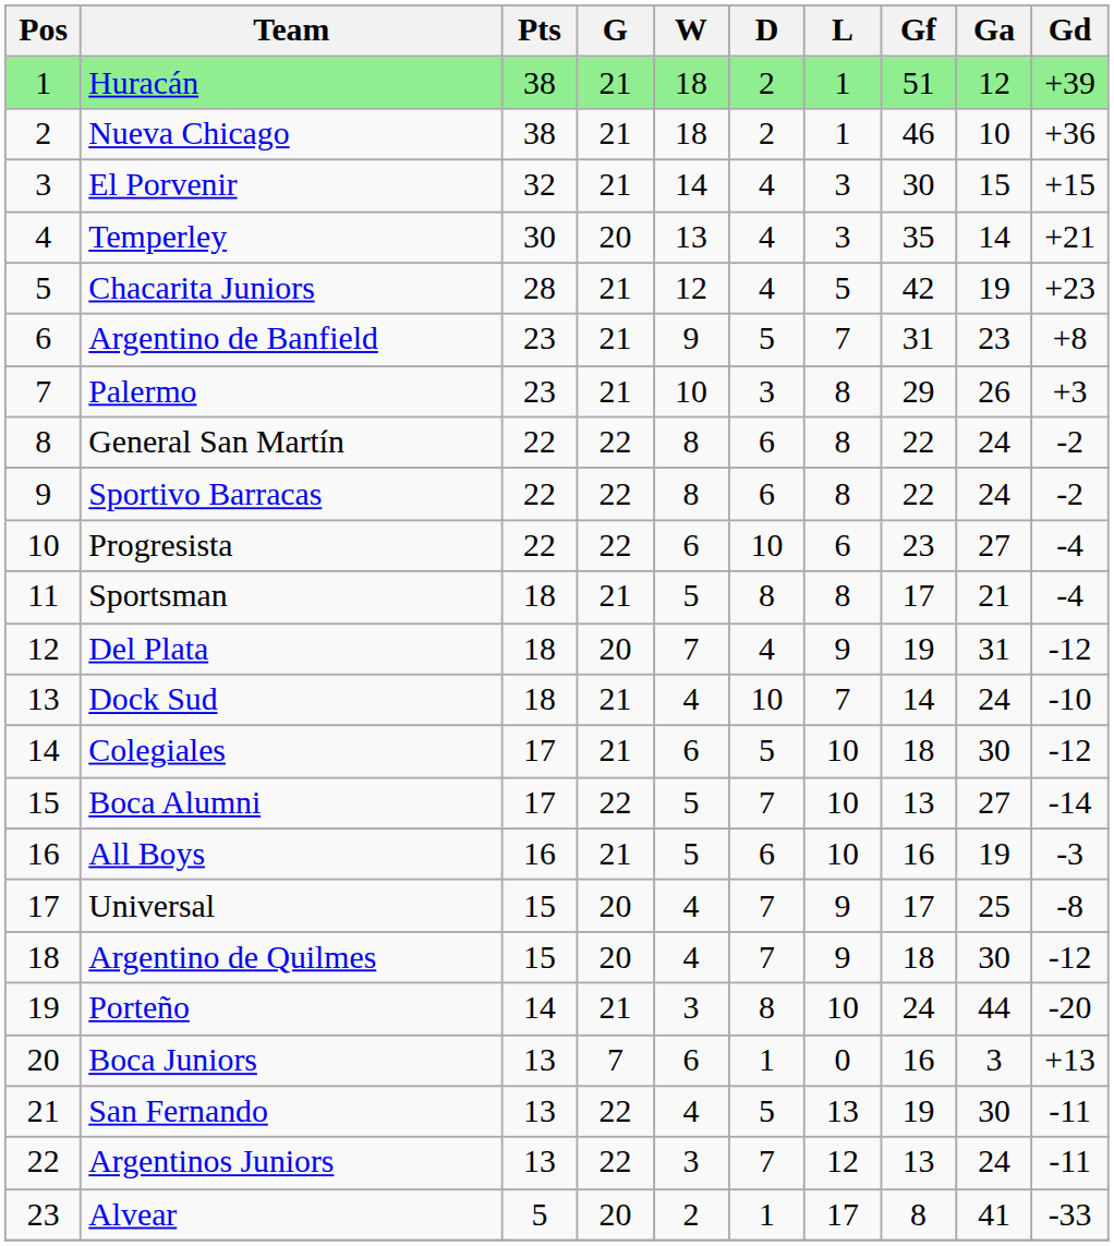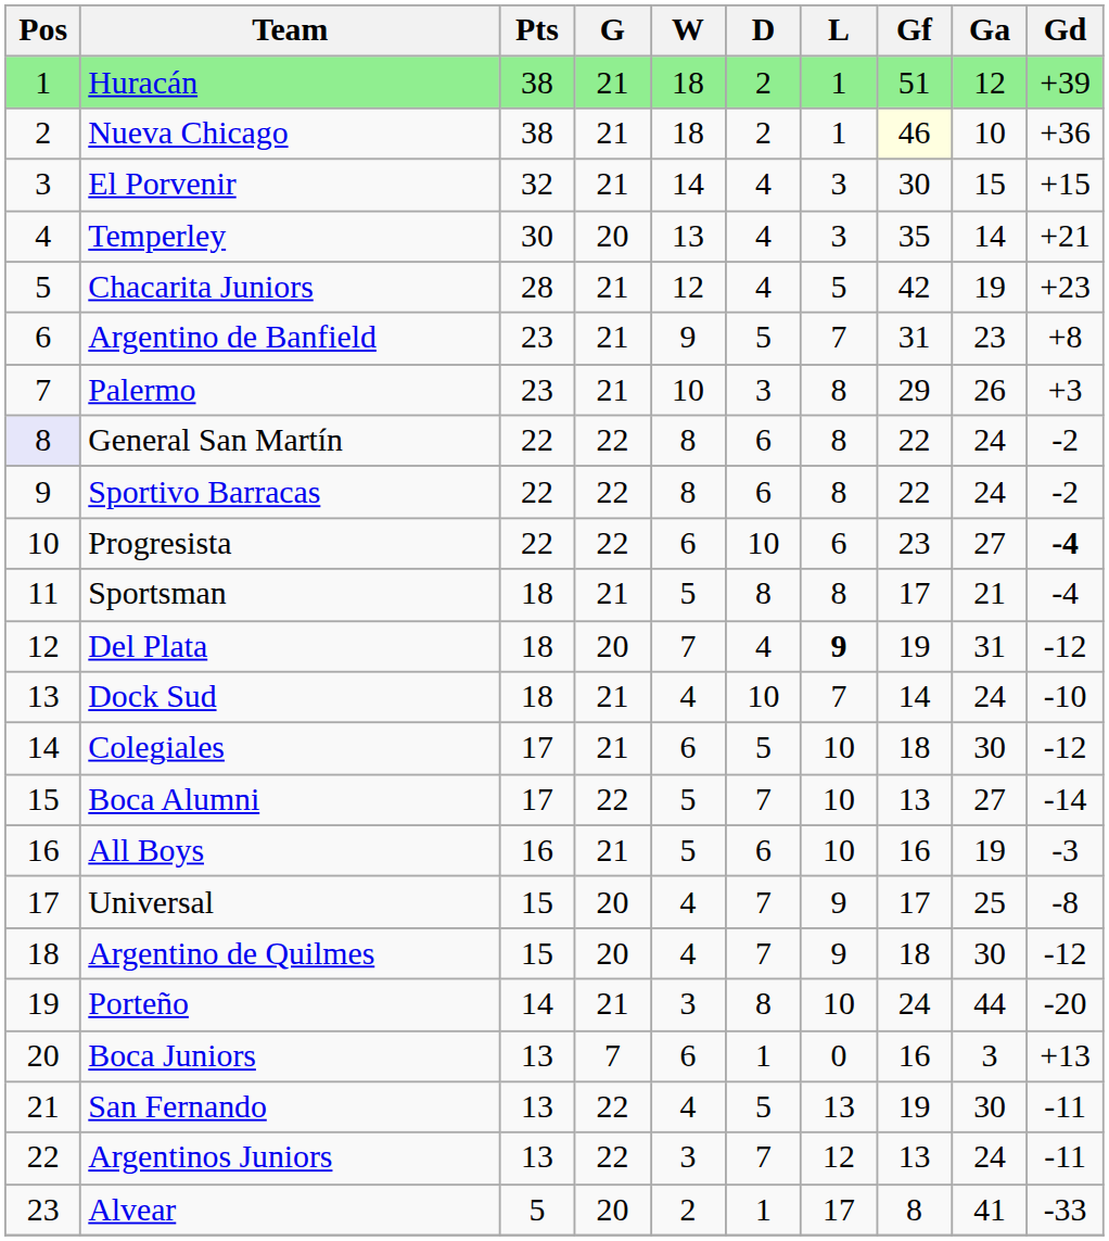 <table class="wikitable" style="text-align:center">
 <tr>
 <th width=30px>Pos</th>
 <th width=200px>Team</th>
 <th width=30px>Pts</th>
 <th width=30px>G</th>
 <th width=30px>W</th>
 <th width=30px>D</th>
 <th width=30px>L</th>
 <th width=30px>Gf</th>
 <th width=30px>Ga</th>
 <th width=30px>Gd</th>
 </tr>
 <tr bgcolor="lightgreen">
 <td>1</td>
 <td align="left"><a href='#'>Huracán</a></td>
 <td>38</td>
 <td>21</td>
 <td>18</td>
 <td>2</td>
 <td>1</td>
 <td>51</td>
 <td>12</td>
 <td>+39</td>
 </tr>
 <tr>
 <td>2</td>
 <td align="left"><a href='#'>Nueva Chicago</a></td>
 <td>38</td>
 <td>21</td>
 <td>18</td>
 <td>2</td>
 <td>1</td>
-<td>46</td>
+<td style="background: lightyellow;">46</td>
 <td>10</td>
 <td>+36</td>
 </tr>
 <tr>
 <td>3</td>
 <td align="left"><a href='#'>El Porvenir</a></td>
 <td>32</td>
 <td>21</td>
 <td>14</td>
 <td>4</td>
 <td>3</td>
 <td>30</td>
 <td>15</td>
 <td>+15</td>
 </tr>
 <tr>
 <td>4</td>
 <td align="left"><a href='#'>Temperley</a></td>
 <td>30</td>
 <td>20</td>
 <td>13</td>
 <td>4</td>
 <td>3</td>
 <td>35</td>
 <td>14</td>
 <td>+21</td>
 </tr>
 <tr>
 <td>5</td>
 <td align="left"><a href='#'>Chacarita Juniors</a></td>
 <td>28</td>
 <td>21</td>
 <td>12</td>
 <td>4</td>
 <td>5</td>
 <td>42</td>
 <td>19</td>
 <td>+23</td>
 </tr>
 <tr>
 <td>6</td>
 <td align="left"><a href='#'>Argentino de Banfield</a></td>
 <td>23</td>
 <td>21</td>
 <td>9</td>
 <td>5</td>
 <td>7</td>
 <td>31</td>
 <td>23</td>
 <td>+8</td>
 </tr>
 <tr>
 <td>7</td>
 <td align="left"><a href='#'>Palermo</a></td>
 <td>23</td>
 <td>21</td>
 <td>10</td>
 <td>3</td>
 <td>8</td>
 <td>29</td>
 <td>26</td>
 <td>+3</td>
 </tr>
 <tr>
-<td>8</td>
+<td style="background: lavender;">8</td>
 <td align="left">General San Martín</td>
 <td>22</td>
 <td>22</td>
 <td>8</td>
 <td>6</td>
 <td>8</td>
 <td>22</td>
 <td>24</td>
 <td>-2</td>
 </tr>
 <tr>
 <td>9</td>
 <td align="left"><a href='#'>Sportivo Barracas</a></td>
 <td>22</td>
 <td>22</td>
 <td>8</td>
 <td>6</td>
 <td>8</td>
 <td>22</td>
 <td>24</td>
 <td>-2</td>
 </tr>
 <tr>
 <td>10</td>
 <td align="left">Progresista</td>
 <td>22</td>
 <td>22</td>
 <td>6</td>
 <td>10</td>
 <td>6</td>
 <td>23</td>
 <td>27</td>
-<td>-4</td>
+<td><strong>-4</strong></td>
 </tr>
 <tr>
 <td>11</td>
 <td align="left">Sportsman</td>
 <td>18</td>
 <td>21</td>
 <td>5</td>
 <td>8</td>
 <td>8</td>
 <td>17</td>
 <td>21</td>
 <td>-4</td>
 </tr>
 <tr>
 <td>12</td>
 <td align="left"><a href='#'>Del Plata</a></td>
 <td>18</td>
 <td>20</td>
 <td>7</td>
 <td>4</td>
-<td>9</td>
+<td><strong>9</strong></td>
 <td>19</td>
 <td>31</td>
 <td>-12</td>
 </tr>
 <tr>
 <td>13</td>
 <td align="left"><a href='#'>Dock Sud</a></td>
 <td>18</td>
 <td>21</td>
 <td>4</td>
 <td>10</td>
 <td>7</td>
 <td>14</td>
 <td>24</td>
 <td>-10</td>
 </tr>
 <tr>
 <td>14</td>
 <td align="left"><a href='#'>Colegiales</a></td>
 <td>17</td>
 <td>21</td>
 <td>6</td>
 <td>5</td>
 <td>10</td>
 <td>18</td>
 <td>30</td>
 <td>-12</td>
 </tr>
 <tr>
 <td>15</td>
 <td align="left"><a href='#'>Boca Alumni</a></td>
 <td>17</td>
 <td>22</td>
 <td>5</td>
 <td>7</td>
 <td>10</td>
 <td>13</td>
 <td>27</td>
 <td>-14</td>
 </tr>
 <tr>
 <td>16</td>
 <td align="left"><a href='#'>All Boys</a></td>
 <td>16</td>
 <td>21</td>
 <td>5</td>
 <td>6</td>
 <td>10</td>
 <td>16</td>
 <td>19</td>
 <td>-3</td>
 </tr>
 <tr>
 <td>17</td>
 <td align="left">Universal</td>
 <td>15</td>
 <td>20</td>
 <td>4</td>
 <td>7</td>
 <td>9</td>
 <td>17</td>
 <td>25</td>
 <td>-8</td>
 </tr>
 <tr>
 <td>18</td>
 <td align="left"><a href='#'>Argentino de Quilmes</a></td>
 <td>15</td>
 <td>20</td>
 <td>4</td>
 <td>7</td>
 <td>9</td>
 <td>18</td>
 <td>30</td>
 <td>-12</td>
 </tr>
 <tr>
 <td>19</td>
 <td align="left"><a href='#'>Porteño</a></td>
 <td>14</td>
 <td>21</td>
 <td>3</td>
 <td>8</td>
 <td>10</td>
 <td>24</td>
 <td>44</td>
 <td>-20</td>
 </tr>
 <tr>
 <td>20</td>
 <td align="left"><a href='#'>Boca Juniors</a></td>
 <td>13</td>
 <td>7</td>
 <td>6</td>
 <td>1</td>
 <td>0</td>
 <td>16</td>
 <td>3</td>
 <td>+13</td>
 </tr>
 <tr>
 <td>21</td>
 <td align="left"><a href='#'>San Fernando</a></td>
 <td>13</td>
 <td>22</td>
 <td>4</td>
 <td>5</td>
 <td>13</td>
 <td>19</td>
 <td>30</td>
 <td>-11</td>
 </tr>
 <tr>
 <td>22</td>
 <td align="left"><a href='#'>Argentinos Juniors</a></td>
 <td>13</td>
 <td>22</td>
 <td>3</td>
 <td>7</td>
 <td>12</td>
 <td>13</td>
 <td>24</td>
 <td>-11</td>
 </tr>
 <tr>
 <td>23</td>
 <td align="left"><a href='#'>Alvear</a></td>
 <td>5</td>
 <td>20</td>
 <td>2</td>
 <td>1</td>
 <td>17</td>
 <td>8</td>
 <td>41</td>
 <td>-33</td>
 </tr>
 <tr>
 </tr>
 </table>
